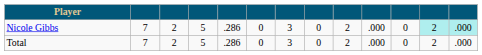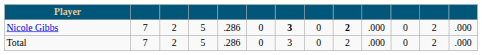 <table class="wikitable" style="text-align:center">
 <tr>
 <th style="background:#015779; color:#E2C993" width="200px">Player</th>
 <th style="background:#015779; color:#E2C993" width="40px"></th>
 <th style="background:#015779; color:#E2C993" width="40px"></th>
 <th style="background:#015779; color:#E2C993" width="40px"></th>
 <th style="background:#015779; color:#E2C993" width="40px"></th>
 <th style="background:#015779; color:#E2C993" width="40px"></th>
 <th style="background:#015779; color:#E2C993" width="40px"></th>
 <th style="background:#015779; color:#E2C993" width="40px"></th>
 <th style="background:#015779; color:#E2C993" width="40px"></th>
 <th style="background:#015779; color:#E2C993" width="40px"></th>
 <th style="background:#015779; color:#E2C993" width="40px"></th>
 <th style="background:#015779; color:#E2C993" width="40px"></th>
 <th style="background:#015779; color:#E2C993" width="40px"></th>
 </tr>
 <tr>
 <td style="text-align:left"><a href='#'>Nicole Gibbs</a></td>
 <td>7</td>
 <td>2</td>
 <td>5</td>
 <td>.286</td>
 <td>0</td>
-<td>3</td>
+<td><strong>3</strong></td>
+<td>0</td>
+<td><strong>2</strong></td>
+<td>.000</td>
 <td>0</td>
 <td>2</td>
 <td>.000</td>
-<td>0</td>
-<td style="background: paleturquoise;">2</td>
-<td style="background: paleturquoise;">.000</td>
 </tr>
 <tr>
 <td style="text-align:left">Total</td>
 <td>7</td>
 <td>2</td>
 <td>5</td>
 <td>.286</td>
 <td>0</td>
 <td>3</td>
 <td>0</td>
 <td>2</td>
 <td>.000</td>
 <td>0</td>
 <td>2</td>
 <td>.000</td>
 </tr>
 </table>
